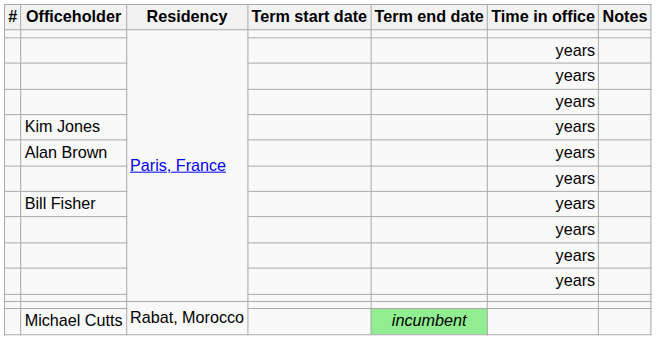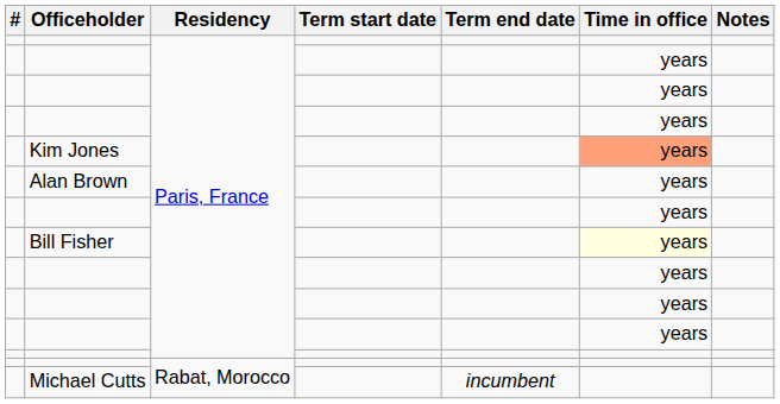 <table class='wikitable sortable'>
 <tr>
 <th>#</th>
 <th>Officeholder</th>
 <th>Residency</th>
 <th>Term start date</th>
 <th>Term end date</th>
 <th>Time in office</th>
 <th>Notes</th>
 </tr>
 <tr>
 <td align=center></td>
 <td></td>
 <td rowspan=12><a href='#'>Paris, France</a></td>
 <td align=center></td>
 <td align=center></td>
 <td align=right></td>
 <td></td>
 </tr>
 <tr>
 <td align=center></td>
 <td></td>
 <td align=center></td>
 <td align=center></td>
 <td align=right> years</td>
 <td></td>
 </tr>
 <tr>
 <td align=center></td>
 <td></td>
 <td align=center></td>
 <td align=center></td>
 <td align=right> years</td>
 <td></td>
 </tr>
 <tr>
 <td align=center></td>
 <td></td>
 <td align=center></td>
 <td align=center></td>
 <td align=right> years</td>
 <td></td>
 </tr>
 <tr>
 <td align=center></td>
 <td>Kim Jones</td>
 <td align=center></td>
 <td align=center></td>
-<td align=right> years</td>
+<td align=right style="background: lightsalmon;"> years</td>
 <td></td>
 </tr>
 <tr>
 <td align=center></td>
 <td>Alan Brown</td>
 <td align=center></td>
 <td align=center></td>
 <td align=right> years</td>
 <td></td>
 </tr>
 <tr>
 <td align=center></td>
 <td></td>
 <td align=center></td>
 <td align=center></td>
 <td align=right> years</td>
 <td></td>
 </tr>
 <tr>
 <td align=center></td>
 <td>Bill Fisher</td>
 <td align=center></td>
 <td align=center></td>
-<td align=right> years</td>
+<td align=right style="background: lightyellow;"> years</td>
 <td></td>
 </tr>
 <tr>
 <td align=center></td>
 <td></td>
 <td align=center></td>
 <td align=center></td>
 <td align=right> years</td>
 <td></td>
 </tr>
 <tr>
 <td align=center></td>
 <td></td>
 <td align=center></td>
 <td align=center></td>
 <td align=right> years</td>
 <td></td>
 </tr>
 <tr>
 <td align=center></td>
 <td></td>
 <td align=center></td>
 <td align=center></td>
 <td align=right> years</td>
 <td></td>
 </tr>
 <tr>
 <td align=center></td>
 <td></td>
 <td align=center></td>
 <td align=center></td>
 <td align=right></td>
 <td></td>
 </tr>
 <tr>
 <td align=center></td>
 <td></td>
 <td rowspan=2>Rabat, Morocco</td>
 <td align=center></td>
 <td align=center></td>
 <td align=right></td>
 <td></td>
 </tr>
 <tr>
 <td align=center></td>
 <td>Michael Cutts</td>
 <td align=center></td>
-<td align=center style="background: lightgreen;"><em>incumbent</em></td>
+<td align=center><em>incumbent</em></td>
 <td align=right></td>
 <td></td>
 </tr>
 </table>
